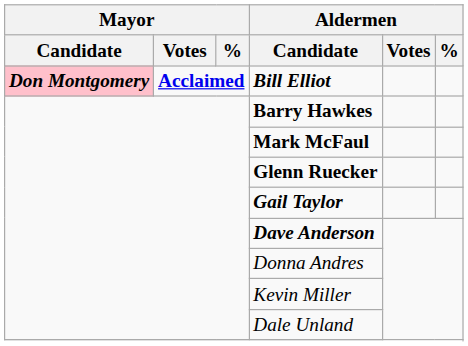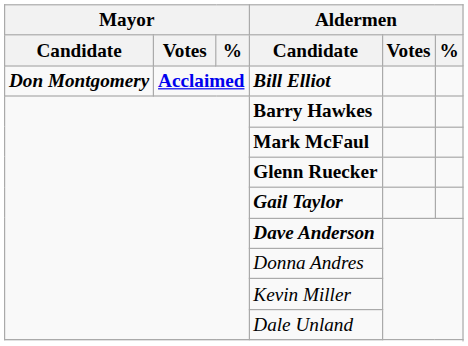 <table class="wikitable collapsible collapsed" align="right">
 <tr>
 <th colspan=3>Mayor</th>
 <th colspan=3>Aldermen</th>
 </tr>
 <tr>
 <th>Candidate</th>
 <th>Votes</th>
 <th>%</th>
 <th>Candidate</th>
 <th>Votes</th>
 <th>%</th>
 </tr>
 <tr>
-<td style="background: pink;"><strong><em>Don Montgomery</em></strong></td>
+<td><strong><em>Don Montgomery</em></strong></td>
 <td colspan=2><strong><a href='#'>Acclaimed</a></strong></td>
 <td><strong><em>Bill Elliot</em></strong></td>
 <td></td>
 <td></td>
 </tr>
 <tr>
 <td rowspan=8 colspan=3></td>
 <td><strong>Barry Hawkes</strong></td>
 <td></td>
 <td></td>
 </tr>
 <tr>
 <td><strong>Mark McFaul</strong></td>
 <td></td>
 <td></td>
 </tr>
 <tr>
 <td><strong>Glenn Ruecker</strong></td>
 <td></td>
 <td></td>
 </tr>
 <tr>
 <td><strong><em>Gail Taylor</em></strong></td>
 <td></td>
 <td></td>
 </tr>
 <tr>
 <td><strong><em>Dave Anderson</em></strong></td>
 </tr>
 <tr>
 <td><em>Donna Andres</em></td>
 </tr>
 <tr>
 <td><em>Kevin Miller</em></td>
 </tr>
 <tr>
 <td><em>Dale Unland</em></td>
 </tr>
 <tr>
 </tr>
 </table>
